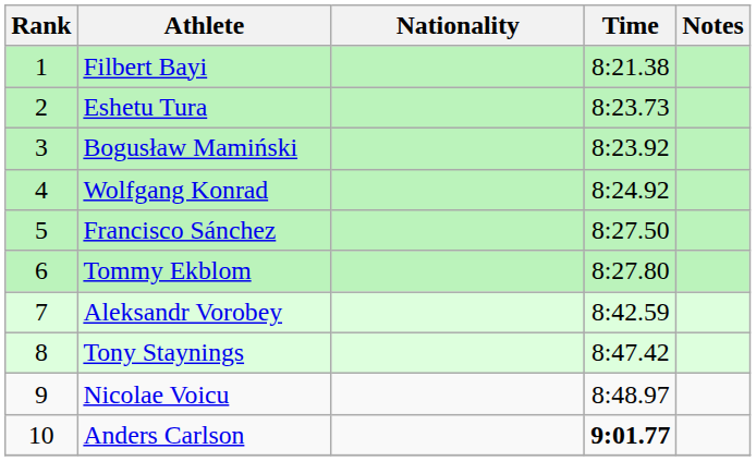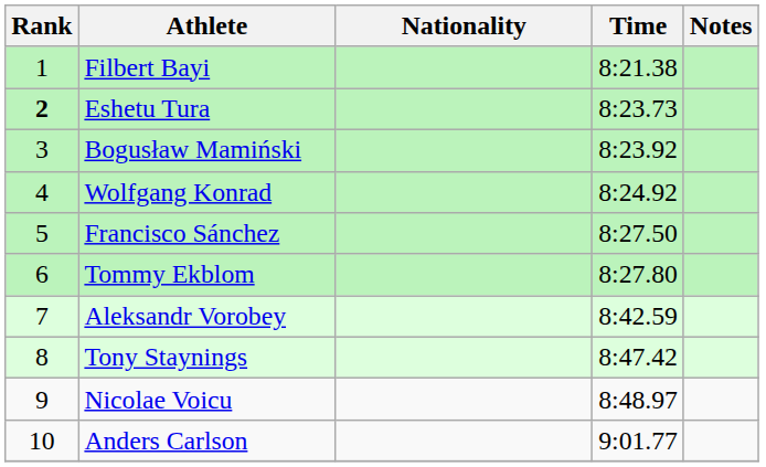 <table class="wikitable sortable" style="text-align:center">
 <tr>
 <th width=30>Rank</th>
 <th width=150>Athlete</th>
 <th width=150>Nationality</th>
 <th width=30>Time</th>
 <th width=30>Notes</th>
 </tr>
 <tr bgcolor=bbf3bb>
 <td>1</td>
 <td align="left"><a href='#'>Filbert Bayi</a></td>
 <td align="left"></td>
 <td>8:21.38</td>
 <td></td>
 </tr>
 <tr bgcolor=bbf3bb>
-<td>2</td>
+<td><strong>2</strong></td>
 <td align="left"><a href='#'>Eshetu Tura</a></td>
 <td align="left"></td>
 <td>8:23.73</td>
 <td></td>
 </tr>
 <tr bgcolor=bbf3bb>
 <td>3</td>
 <td align="left"><a href='#'>Bogusław Mamiński</a></td>
 <td align="left"></td>
 <td>8:23.92</td>
 <td></td>
 </tr>
 <tr bgcolor=bbf3bb>
 <td>4</td>
 <td align="left"><a href='#'>Wolfgang Konrad</a></td>
 <td align="left"></td>
 <td>8:24.92</td>
 <td></td>
 </tr>
 <tr bgcolor=bbf3bb>
 <td>5</td>
 <td align="left"><a href='#'>Francisco Sánchez</a></td>
 <td align="left"></td>
 <td>8:27.50</td>
 <td></td>
 </tr>
 <tr bgcolor=bbf3bb>
 <td>6</td>
 <td align="left"><a href='#'>Tommy Ekblom</a></td>
 <td align="left"></td>
 <td>8:27.80</td>
 <td></td>
 </tr>
 <tr bgcolor=#ddffdd>
 <td>7</td>
 <td align="left"><a href='#'>Aleksandr Vorobey</a></td>
 <td align="left"></td>
 <td>8:42.59</td>
 <td></td>
 </tr>
 <tr bgcolor=#ddffdd>
 <td>8</td>
 <td align="left"><a href='#'>Tony Staynings</a></td>
 <td align="left"></td>
 <td>8:47.42</td>
 <td></td>
 </tr>
 <tr>
 <td>9</td>
 <td align="left"><a href='#'>Nicolae Voicu</a></td>
 <td align="left"></td>
 <td>8:48.97</td>
 <td></td>
 </tr>
 <tr>
 <td>10</td>
 <td align="left"><a href='#'>Anders Carlson</a></td>
 <td align="left"></td>
-<td><strong>9:01.77</strong></td>
+<td>9:01.77</td>
 <td></td>
 </tr>
 <tr>
 </tr>
 </table>
